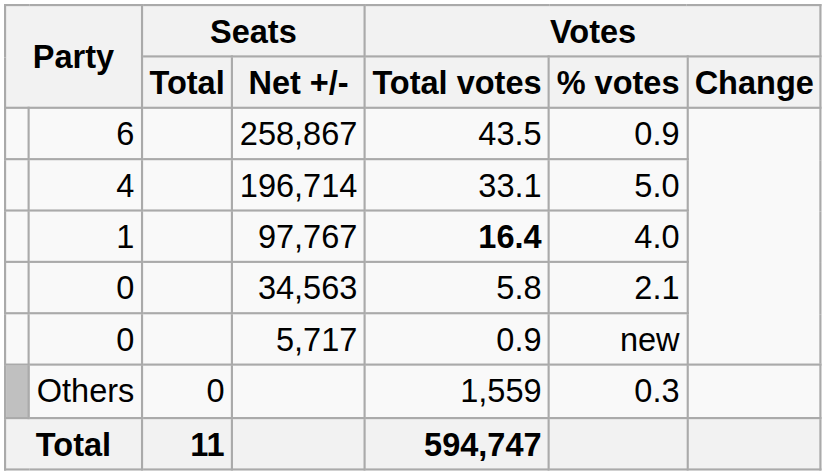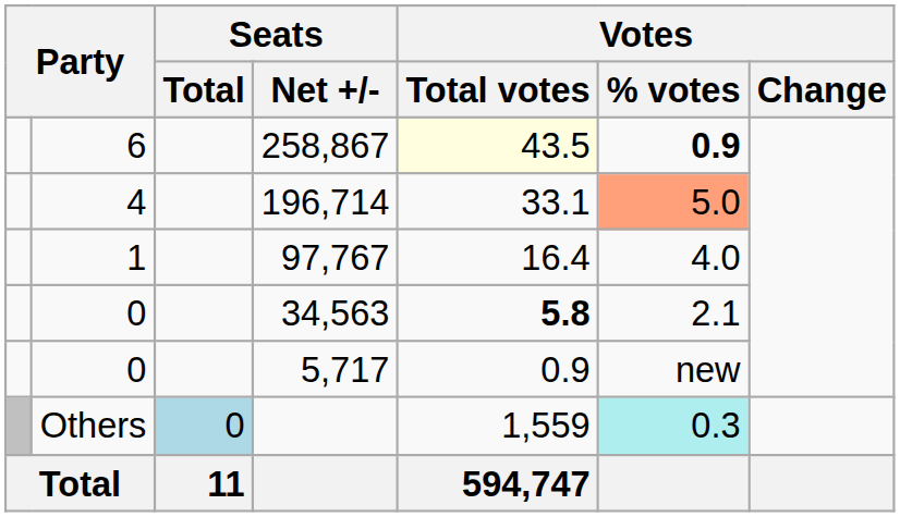 <table class="wikitable" style="text-align:right; font-size:95%;">
 <tr>
 <th colspan="2" rowspan="2">Party</th>
 <th colspan="2">Seats</th>
 <th colspan="3">Votes</th>
 </tr>
 <tr>
 <th>Total</th>
 <th>Net +/-</th>
 <th>Total votes</th>
 <th>% votes</th>
 <th>Change</th>
 </tr>
 <tr>
 <td></td>
 <td>6</td>
 <td></td>
 <td>258,867</td>
-<td>43.5</td>
-<td>0.9</td>
+<td style="background: lightyellow;">43.5</td>
+<td><strong>0.9</strong></td>
 </tr>
 <tr>
 <td></td>
 <td>4</td>
 <td></td>
 <td>196,714</td>
 <td>33.1</td>
-<td>5.0</td>
+<td style="background: lightsalmon;">5.0</td>
 </tr>
 <tr>
 <td></td>
 <td>1</td>
 <td></td>
 <td>97,767</td>
-<td><strong>16.4</strong></td>
+<td>16.4</td>
 <td>4.0</td>
 </tr>
 <tr>
 <td></td>
 <td>0</td>
 <td></td>
 <td>34,563</td>
-<td>5.8</td>
+<td><strong>5.8</strong></td>
 <td>2.1</td>
 </tr>
 <tr>
 <td></td>
 <td>0</td>
 <td></td>
 <td>5,717</td>
 <td>0.9</td>
 <td>new</td>
 </tr>
 <tr>
 <td style="background:silver;"> </td>
 <td align=left>Others</td>
-<td>0</td>
+<td style="background: lightblue;">0</td>
 <td></td>
 <td>1,559</td>
-<td>0.3</td>
+<td style="background: paleturquoise;">0.3</td>
 <td></td>
 </tr>
 <tr>
 <th colspan="2" style="background:#f2f2f2">Total</th>
 <td style="background:#f2f2f2;"><strong>11</strong></td>
 <td style="background:#f2f2f2;"></td>
 <td style="background:#f2f2f2;"><strong>594,747</strong></td>
 <td style="background:#f2f2f2;"></td>
 <td style="background:#f2f2f2;"></td>
 </tr>
 </table>
